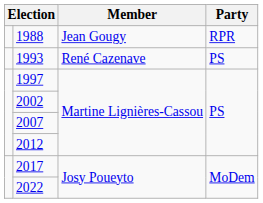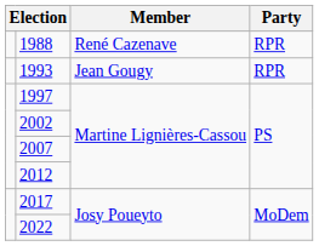 <table class="wikitable">
 <tr>
 <th colspan=2>Election</th>
 <th>Member</th>
 <th>Party</th>
 </tr>
 <tr>
 <td style="background-color: "></td>
 <td><a href='#'>1988</a></td>
-<td><a href='#'>Jean Gougy</a></td>
+<td><a href='#'>René Cazenave</a></td>
 <td><a href='#'>RPR</a></td>
 </tr>
 <tr>
 <td style="background-color: "></td>
 <td><a href='#'>1993</a></td>
-<td><a href='#'>René Cazenave</a></td>
-<td><a href='#'>PS</a></td>
+<td><a href='#'>Jean Gougy</a></td>
+<td><a href='#'>RPR</a></td>
 </tr>
 <tr>
 <td rowspan="4" style="background-color: "></td>
 <td><a href='#'>1997</a></td>
 <td rowspan="4"><a href='#'>Martine Lignières-Cassou</a></td>
 <td rowspan="4"><a href='#'>PS</a></td>
 </tr>
 <tr>
 <td><a href='#'>2002</a></td>
 </tr>
 <tr>
 <td><a href='#'>2007</a></td>
 </tr>
 <tr>
 <td><a href='#'>2012</a></td>
 </tr>
 <tr>
 <td rowspan="2" style="background-color: "></td>
 <td><a href='#'>2017</a></td>
 <td rowspan="2"><a href='#'>Josy Poueyto</a></td>
 <td rowspan="2"><a href='#'>MoDem</a></td>
 </tr>
 <tr>
 <td><a href='#'>2022</a></td>
 </tr>
 </table>
